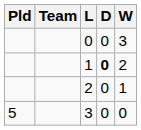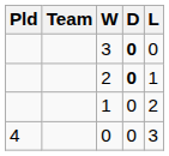 <table class="wikitable">
 <tr>
 <th>Pld</th>
 <th>Team</th>
+<th>W</th>
+<th>D</th>
 <th>L</th>
-<th>D</th>
-<th>W</th>
 </tr>
 <tr>
 <td></td>
+<td></td>
+<td>3</td>
+<td><strong>0</strong></td>
+<td>0</td>
+</tr>
+<tr>
+<td></td>
+<td></td>
+<td>2</td>
+<td><strong>0</strong></td>
+<td>1</td>
+</tr>
+<tr>
+<td></td>
+<td></td>
+<td>1</td>
+<td>0</td>
+<td>2</td>
+</tr>
+<tr>
+<td>4</td>
 <td></td>
 <td>0</td>
 <td>0</td>
 <td>3</td>
 </tr>
-<tr>
-<td></td>
-<td></td>
-<td>1</td>
-<td><strong>0</strong></td>
-<td>2</td>
-</tr>
-<tr>
-<td></td>
-<td></td>
-<td>2</td>
-<td>0</td>
-<td>1</td>
-</tr>
-<tr>
-<td>5</td>
-<td></td>
-<td>3</td>
-<td>0</td>
-<td>0</td>
-</tr>
 </table>
